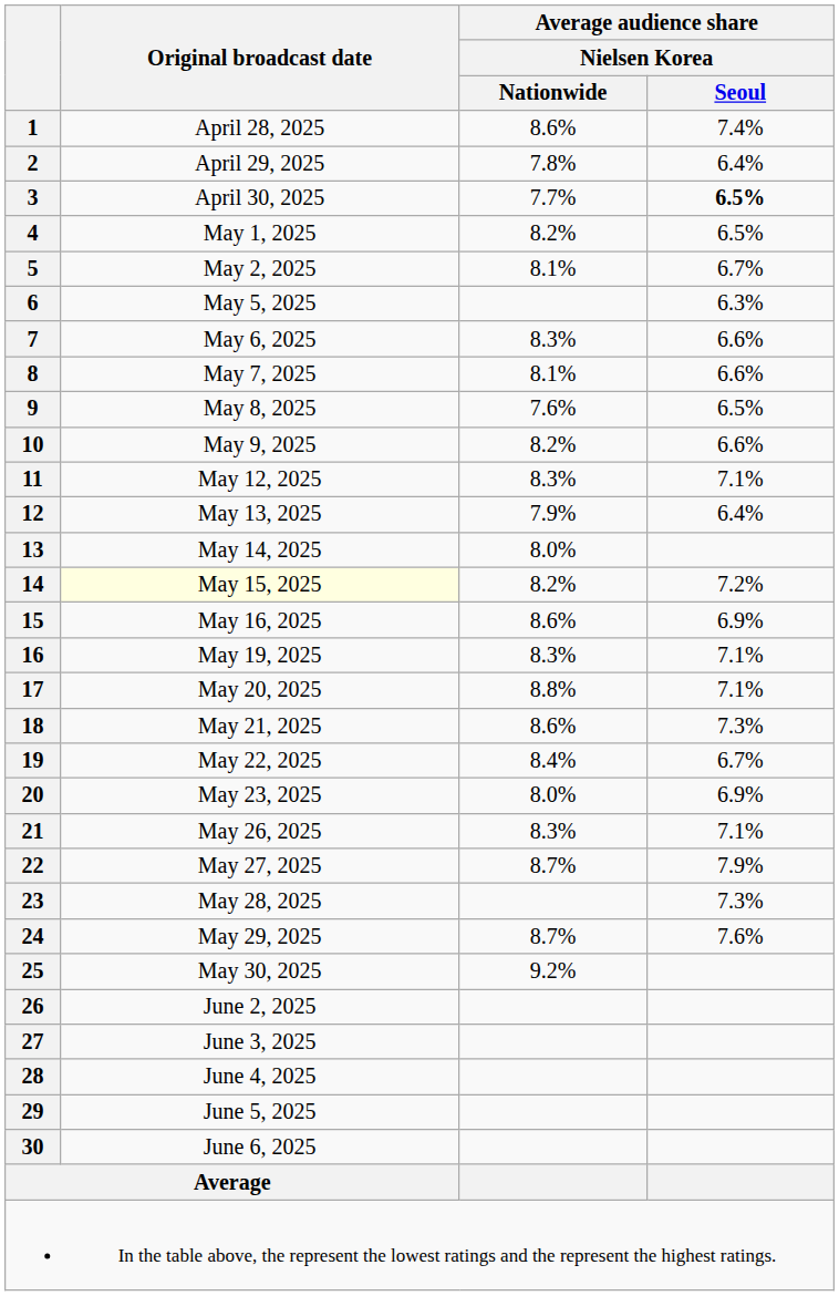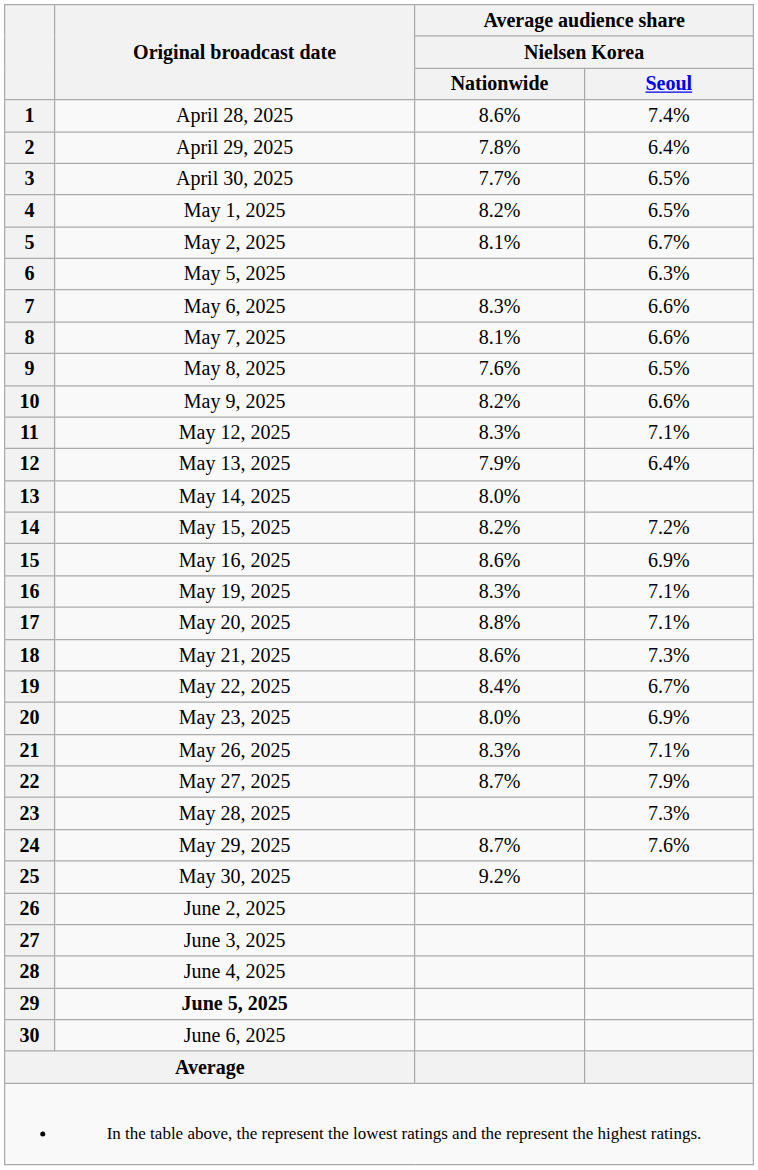 <table class="wikitable" style="margin-left:auto; margin-right:auto; width:600px; text-align:center">
 <tr>
 <th scope="col" rowspan="3"></th>
 <th scope="col" rowspan="3">Original broadcast date</th>
 <th scope="col" colspan="2">Average audience share</th>
 </tr>
 <tr>
 <th colspan="2" scope="col">Nielsen Korea</th>
 </tr>
 <tr>
 <th scope="col" style="width:8em">Nationwide</th>
 <th scope="col" style="width:8em"><a href='#'>Seoul</a></th>
 </tr>
 <tr>
 <th scope="col">1</th>
 <td>April 28, 2025</td>
 <td>8.6% </td>
 <td>7.4% </td>
 </tr>
 <tr>
 <th scope="col">2</th>
 <td>April 29, 2025</td>
 <td>7.8% </td>
 <td>6.4% </td>
 </tr>
 <tr>
 <th scope="col">3</th>
 <td>April 30, 2025</td>
 <td>7.7% </td>
-<td><strong>6.5% </strong></td>
+<td>6.5% </td>
 </tr>
 <tr>
 <th scope="col">4</th>
 <td>May 1, 2025</td>
 <td>8.2% </td>
 <td>6.5% </td>
 </tr>
 <tr>
 <th scope="col">5</th>
 <td>May 2, 2025</td>
 <td>8.1% </td>
 <td>6.7% </td>
 </tr>
 <tr>
 <th>6</th>
 <td>May 5, 2025</td>
 <td><strong></strong> </td>
 <td>6.3% </td>
 </tr>
 <tr>
 <th>7</th>
 <td>May 6, 2025</td>
 <td>8.3% </td>
 <td>6.6% </td>
 </tr>
 <tr>
 <th>8</th>
 <td>May 7, 2025</td>
 <td>8.1% </td>
 <td>6.6% </td>
 </tr>
 <tr>
 <th>9</th>
 <td>May 8, 2025</td>
 <td>7.6% </td>
 <td>6.5% </td>
 </tr>
 <tr>
 <th>10</th>
 <td>May 9, 2025</td>
 <td>8.2% </td>
 <td>6.6% </td>
 </tr>
 <tr>
 <th>11</th>
 <td>May 12, 2025</td>
 <td>8.3% </td>
 <td>7.1% </td>
 </tr>
 <tr>
 <th>12</th>
 <td>May 13, 2025</td>
 <td>7.9% </td>
 <td>6.4% </td>
 </tr>
 <tr>
 <th>13</th>
 <td>May 14, 2025</td>
 <td>8.0% </td>
 <td><strong></strong> </td>
 </tr>
 <tr>
 <th>14</th>
-<td style="background: lightyellow;">May 15, 2025</td>
+<td>May 15, 2025</td>
 <td>8.2% </td>
 <td>7.2% </td>
 </tr>
 <tr>
 <th>15</th>
 <td>May 16, 2025</td>
 <td>8.6% </td>
 <td>6.9% </td>
 </tr>
 <tr>
 <th>16</th>
 <td>May 19, 2025</td>
 <td>8.3% </td>
 <td>7.1% </td>
 </tr>
 <tr>
 <th>17</th>
 <td>May 20, 2025</td>
 <td>8.8% </td>
 <td>7.1% </td>
 </tr>
 <tr>
 <th>18</th>
 <td>May 21, 2025</td>
 <td>8.6% </td>
 <td>7.3% </td>
 </tr>
 <tr>
 <th>19</th>
 <td>May 22, 2025</td>
 <td>8.4% </td>
 <td>6.7% </td>
 </tr>
 <tr>
 <th>20</th>
 <td>May 23, 2025</td>
 <td>8.0% </td>
 <td>6.9% </td>
 </tr>
 <tr>
 <th>21</th>
 <td>May 26, 2025</td>
 <td>8.3% </td>
 <td>7.1% </td>
 </tr>
 <tr>
 <th>22</th>
 <td>May 27, 2025</td>
 <td>8.7% </td>
 <td>7.9% </td>
 </tr>
 <tr>
 <th>23</th>
 <td>May 28, 2025</td>
 <td><strong></strong> </td>
 <td>7.3% </td>
 </tr>
 <tr>
 <th>24</th>
 <td>May 29, 2025</td>
 <td>8.7% </td>
 <td>7.6% </td>
 </tr>
 <tr>
 <th>25</th>
 <td>May 30, 2025</td>
 <td>9.2% </td>
 <td><strong></strong> </td>
 </tr>
 <tr>
 <th>26</th>
 <td>June 2, 2025</td>
 <td></td>
 <td></td>
 </tr>
 <tr>
 <th>27</th>
 <td>June 3, 2025</td>
 <td></td>
 <td></td>
 </tr>
 <tr>
 <th>28</th>
 <td>June 4, 2025</td>
 <td></td>
 <td></td>
 </tr>
 <tr>
 <th>29</th>
-<td>June 5, 2025</td>
+<td><strong>June 5, 2025</strong></td>
 <td></td>
 <td></td>
 </tr>
 <tr>
 <th>30</th>
 <td>June 6, 2025</td>
 <td></td>
 <td></td>
 </tr>
 <tr>
 <th colspan="2" scope="col">Average</th>
 <th scope="col"></th>
 <th scope="col"></th>
 </tr>
 <tr>
 <td colspan="4" style="font-size:85%"><br><ul><li>In the table above, the <strong></strong> represent the lowest ratings and the <strong></strong> represent the highest ratings.</li></ul></td>
 </tr>
 </table>
